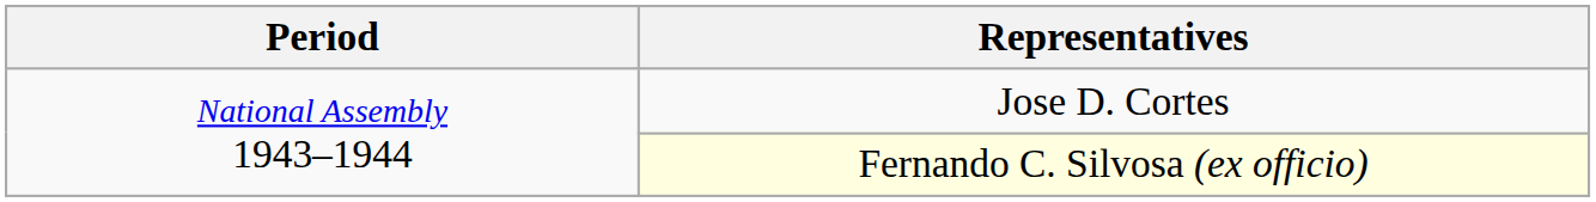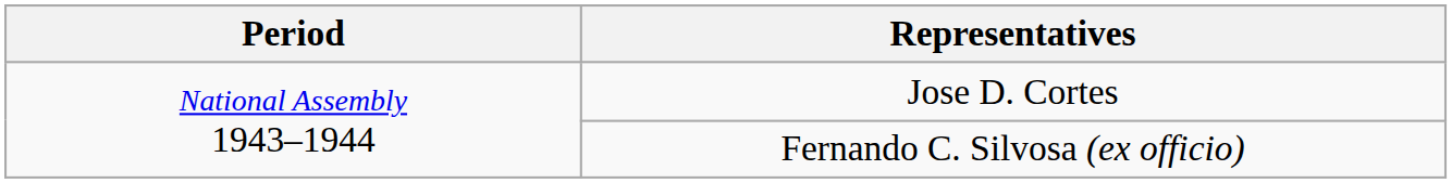 <table class="wikitable" style="text-align:center; width:40%;">
 <tr>
 <th width=40%>Period</th>
 <th>Representatives</th>
 </tr>
 <tr>
 <td rowspan=2><small><a href='#'><em>National Assembly</em></a></small><br>1943–1944</td>
 <td>Jose D. Cortes</td>
 </tr>
 <tr>
-<td style="background: lightyellow;">Fernando C. Silvosa <em>(ex officio)</em></td>
+<td>Fernando C. Silvosa <em>(ex officio)</em></td>
 </tr>
 </table>
